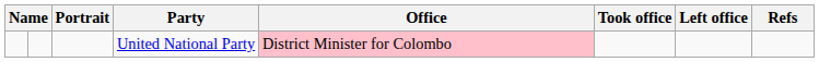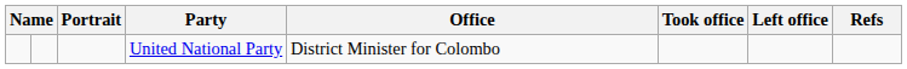 <table class="wikitable plainrowheaders sortable" style="font-size:90%; text-align:left;">
 <tr>
 <th scope=col colspan="2">Name</th>
 <th scope=col class=unsortable>Portrait</th>
 <th scope=col>Party</th>
 <th scope=col width=300px>Office</th>
 <th scope=col>Took office</th>
 <th scope=col>Left office</th>
 <th scope=col width=50px class=unsortable>Refs</th>
 </tr>
 <tr>
 <td !align="center" style="background:"></td>
 <td></td>
 <td align=center></td>
 <td><a href='#'>United National Party</a></td>
-<td style="background: pink;">District Minister for Colombo</td>
+<td>District Minister for Colombo</td>
 <td></td>
 <td></td>
 <td align=center></td>
 </tr>
 </table>
